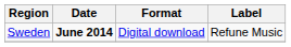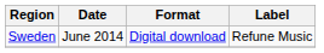 <table class=wikitable>
 <tr>
 <th>Region</th>
 <th>Date</th>
 <th>Format</th>
 <th>Label</th>
 </tr>
 <tr>
 <td><a href='#'>Sweden</a></td>
-<td><strong>June 2014</strong></td>
+<td>June 2014</td>
 <td><a href='#'>Digital download</a></td>
 <td>Refune Music</td>
 </tr>
 <tr>
 </tr>
 </table>
